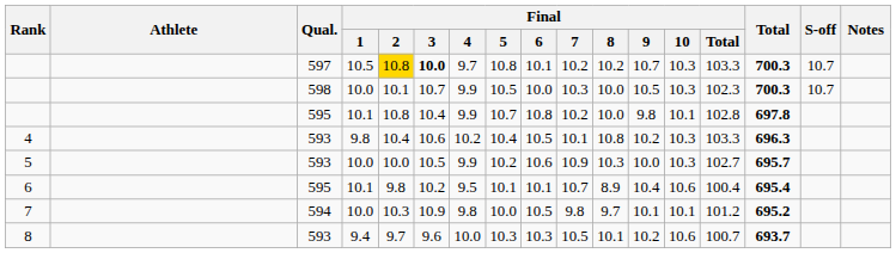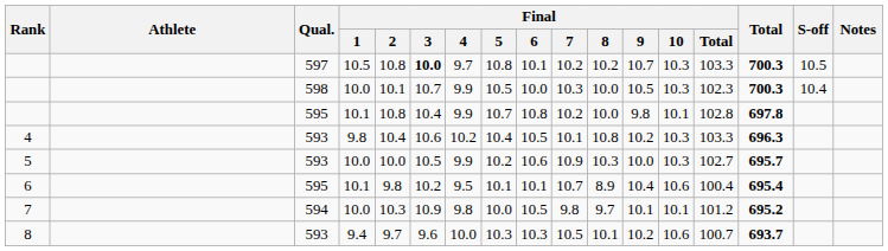 <table class="wikitable" style="text-align:center">
 <tr>
 <th rowspan=2 width=40>Rank</th>
 <th rowspan=2 width=250>Athlete</th>
 <th rowspan=2 width=40>Qual.</th>
 <th colspan=11>Final</th>
 <th rowspan=2 width=50>Total</th>
 <th rowspan=2 width=35>S-off</th>
 <th rowspan=2 width=45>Notes</th>
 </tr>
 <tr>
 <th width=30>1</th>
 <th width=30>2</th>
 <th width=30>3</th>
 <th width=30>4</th>
 <th width=30>5</th>
 <th width=30>6</th>
 <th width=30>7</th>
 <th width=30>8</th>
 <th width=30>9</th>
 <th width=30>10</th>
 <th width=40>Total</th>
 </tr>
 <tr>
 <td></td>
 <td align=left></td>
 <td>597</td>
 <td>10.5</td>
-<td style="background: gold;">10.8</td>
+<td>10.8</td>
 <td><strong>10.0</strong></td>
 <td>9.7</td>
 <td>10.8</td>
 <td>10.1</td>
 <td>10.2</td>
 <td>10.2</td>
 <td>10.7</td>
 <td>10.3</td>
 <td>103.3</td>
 <td><strong>700.3</strong></td>
-<td>10.7</td>
+<td>10.5</td>
 <td></td>
 </tr>
 <tr>
 <td></td>
 <td align=left></td>
 <td>598</td>
 <td>10.0</td>
 <td>10.1</td>
 <td>10.7</td>
 <td>9.9</td>
 <td>10.5</td>
 <td>10.0</td>
 <td>10.3</td>
 <td>10.0</td>
 <td>10.5</td>
 <td>10.3</td>
 <td>102.3</td>
 <td><strong>700.3</strong></td>
-<td>10.7</td>
+<td>10.4</td>
 <td></td>
 </tr>
 <tr>
 <td></td>
 <td align=left></td>
 <td>595</td>
 <td>10.1</td>
 <td>10.8</td>
 <td>10.4</td>
 <td>9.9</td>
 <td>10.7</td>
 <td>10.8</td>
 <td>10.2</td>
 <td>10.0</td>
 <td>9.8</td>
 <td>10.1</td>
 <td>102.8</td>
 <td><strong>697.8</strong></td>
 <td></td>
 <td></td>
 </tr>
 <tr>
 <td>4</td>
 <td align=left></td>
 <td>593</td>
 <td>9.8</td>
 <td>10.4</td>
 <td>10.6</td>
 <td>10.2</td>
 <td>10.4</td>
 <td>10.5</td>
 <td>10.1</td>
 <td>10.8</td>
 <td>10.2</td>
 <td>10.3</td>
 <td>103.3</td>
 <td><strong>696.3</strong></td>
 <td></td>
 <td></td>
 </tr>
 <tr>
 <td>5</td>
 <td align=left></td>
 <td>593</td>
 <td>10.0</td>
 <td>10.0</td>
 <td>10.5</td>
 <td>9.9</td>
 <td>10.2</td>
 <td>10.6</td>
 <td>10.9</td>
 <td>10.3</td>
 <td>10.0</td>
 <td>10.3</td>
 <td>102.7</td>
 <td><strong>695.7</strong></td>
 <td></td>
 <td></td>
 </tr>
 <tr>
 <td>6</td>
 <td align=left></td>
 <td>595</td>
 <td>10.1</td>
 <td>9.8</td>
 <td>10.2</td>
 <td>9.5</td>
 <td>10.1</td>
 <td>10.1</td>
 <td>10.7</td>
 <td>8.9</td>
 <td>10.4</td>
 <td>10.6</td>
 <td>100.4</td>
 <td><strong>695.4</strong></td>
 <td></td>
 <td></td>
 </tr>
 <tr>
 <td>7</td>
 <td align=left></td>
 <td>594</td>
 <td>10.0</td>
 <td>10.3</td>
 <td>10.9</td>
 <td>9.8</td>
 <td>10.0</td>
 <td>10.5</td>
 <td>9.8</td>
 <td>9.7</td>
 <td>10.1</td>
 <td>10.1</td>
 <td>101.2</td>
 <td><strong>695.2</strong></td>
 <td></td>
 <td></td>
 </tr>
 <tr>
 <td>8</td>
 <td align=left></td>
 <td>593</td>
 <td>9.4</td>
 <td>9.7</td>
 <td>9.6</td>
 <td>10.0</td>
 <td>10.3</td>
 <td>10.3</td>
 <td>10.5</td>
 <td>10.1</td>
 <td>10.2</td>
 <td>10.6</td>
 <td>100.7</td>
 <td><strong>693.7</strong></td>
 <td></td>
 <td></td>
 </tr>
 </table>
